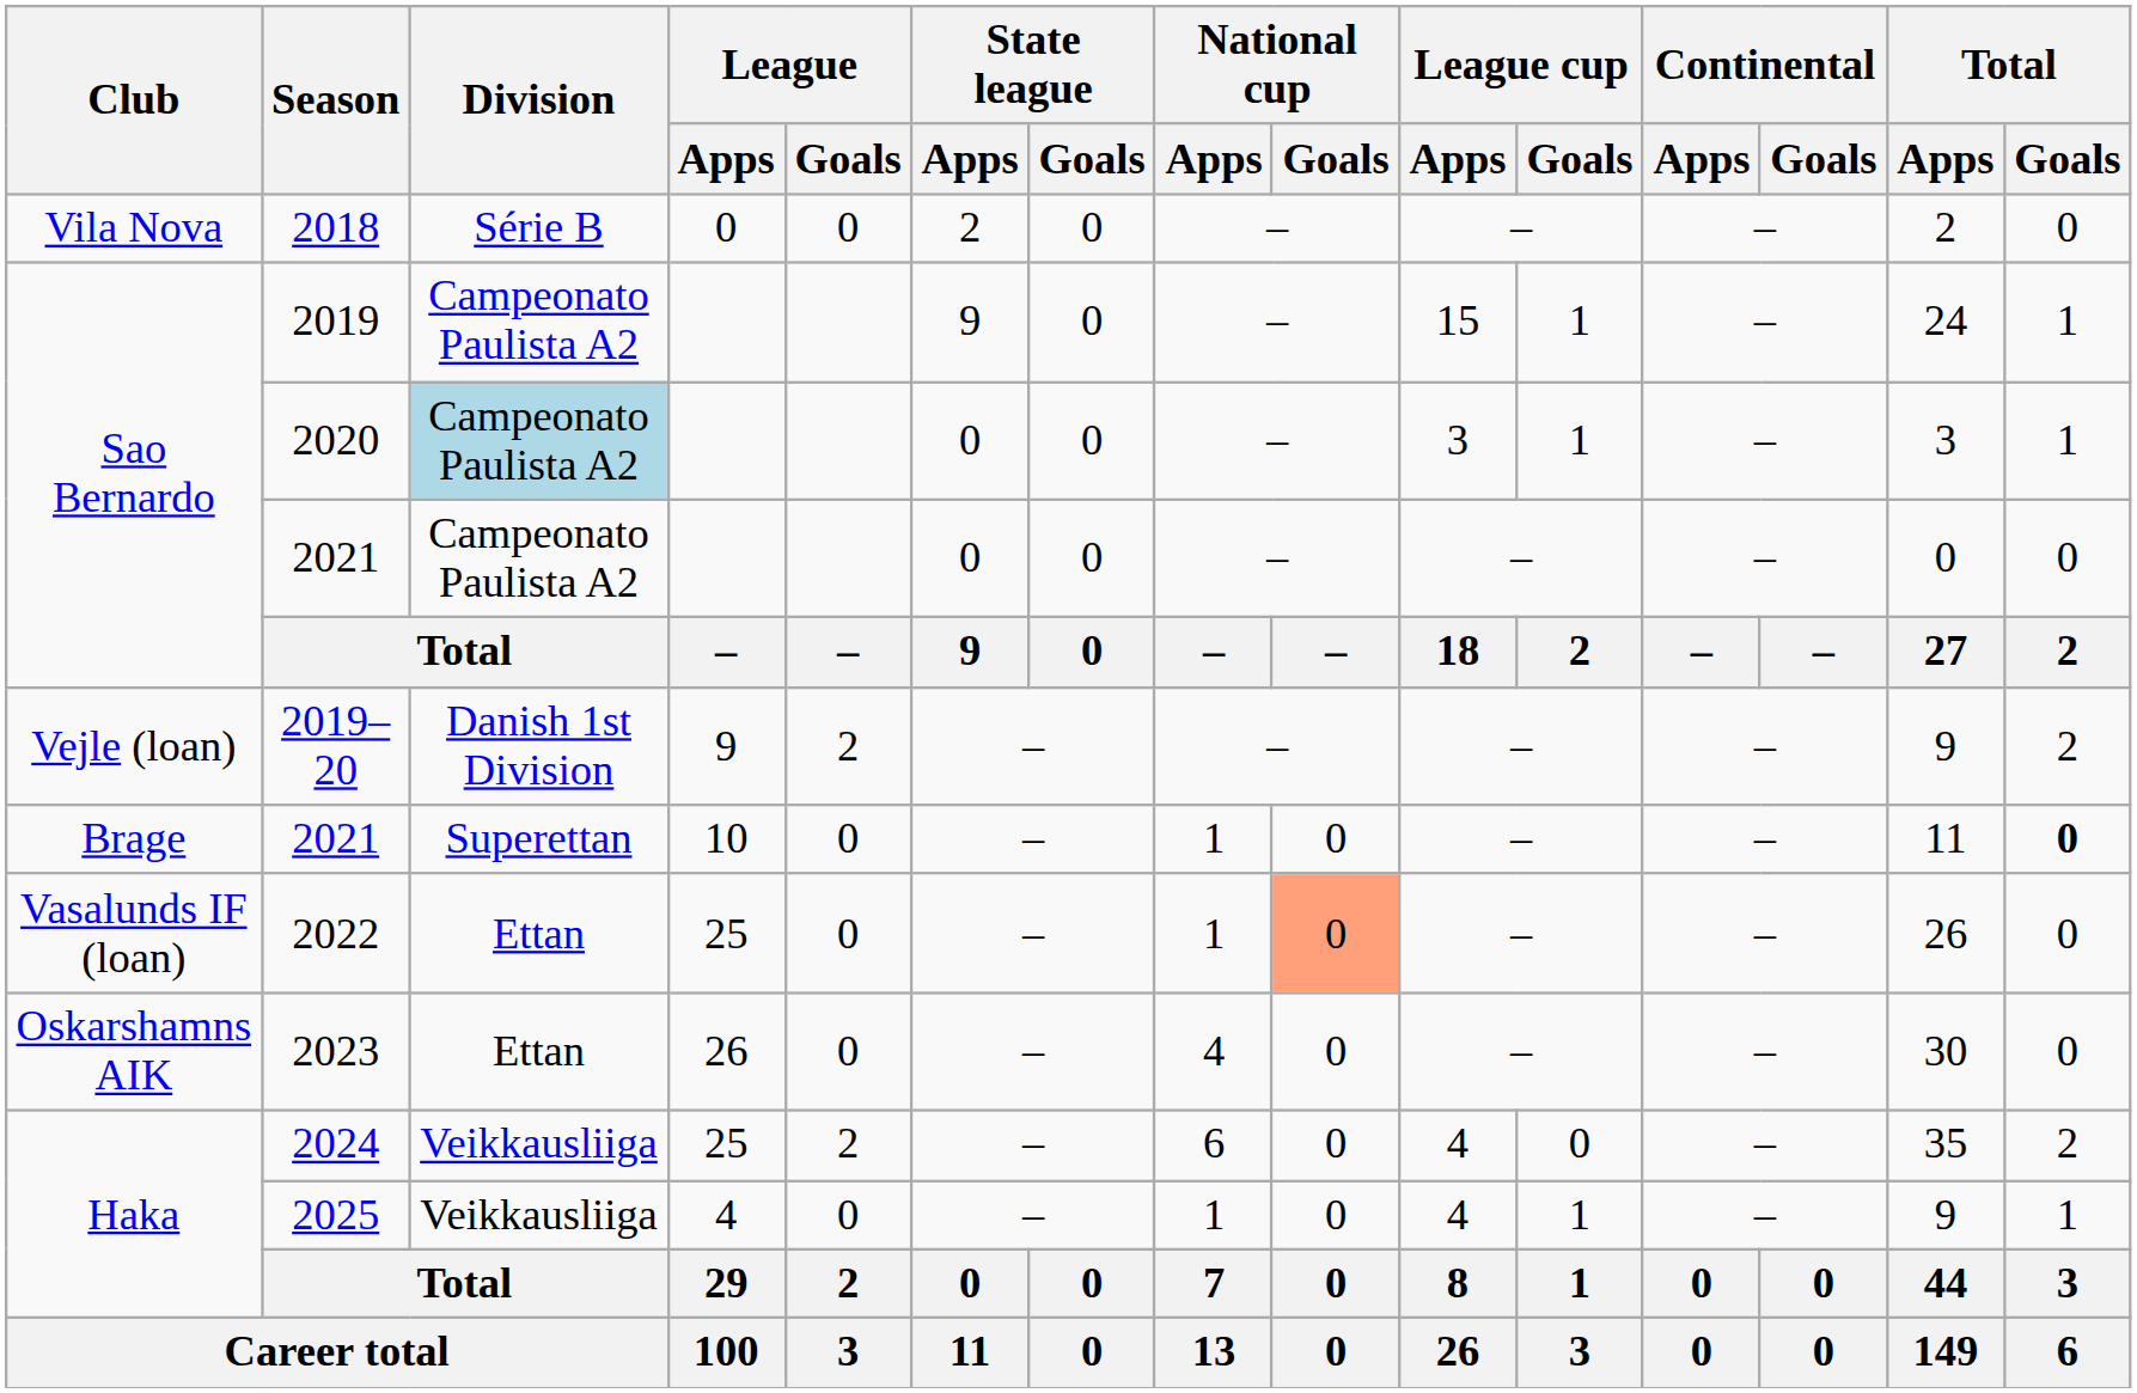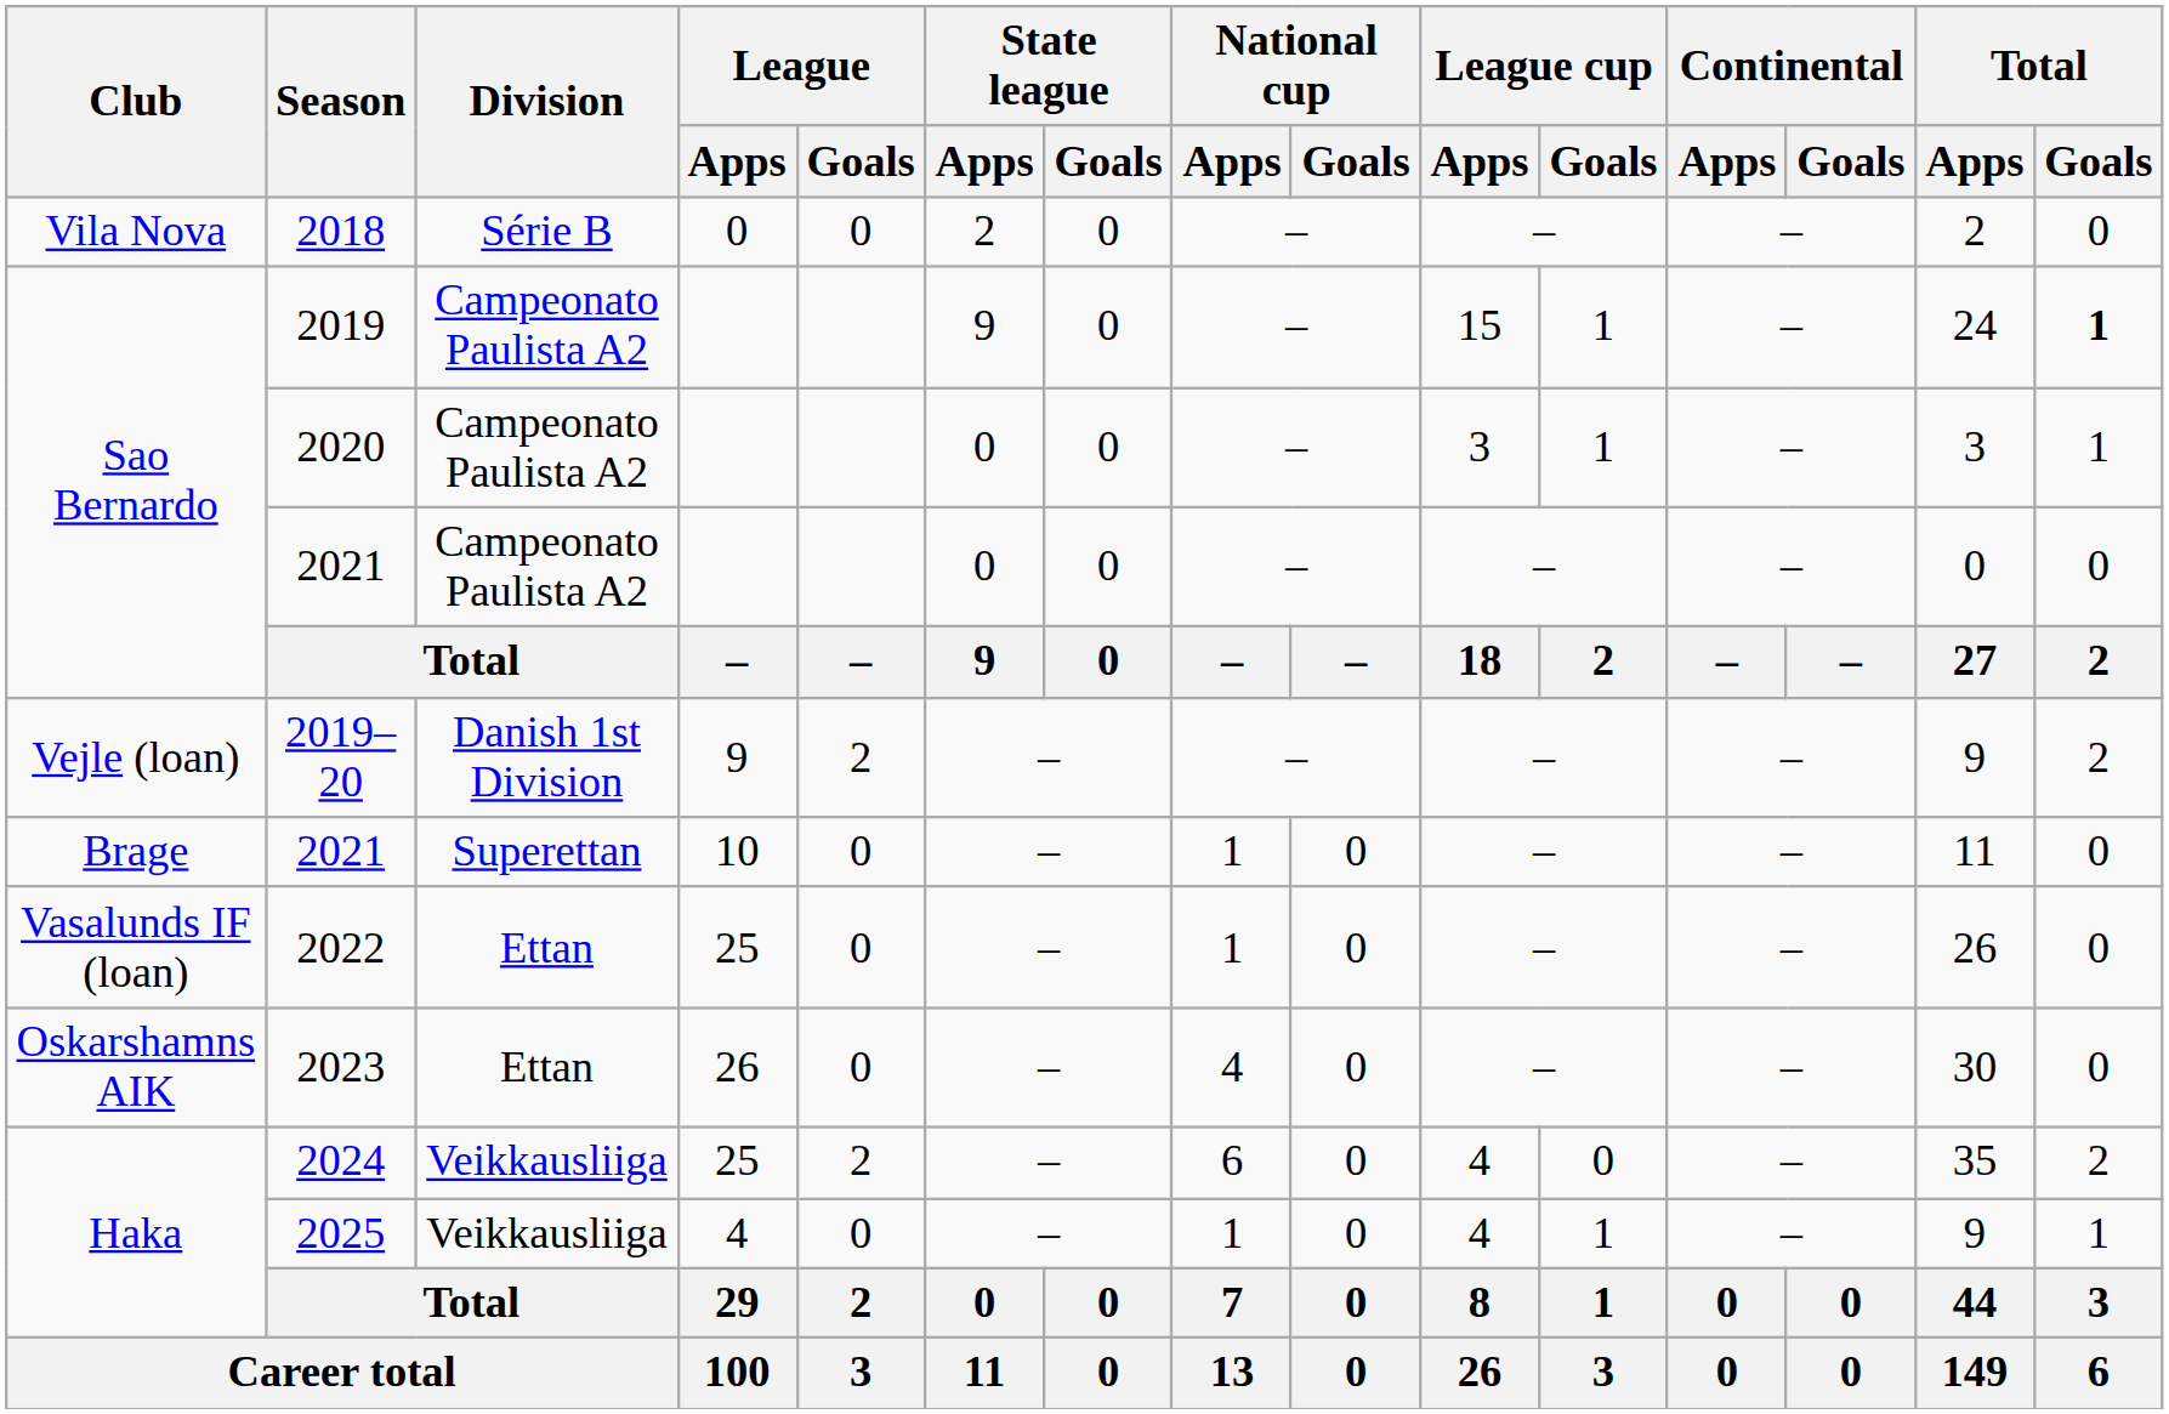 <table class="wikitable" style="text-align:center">
 <tr>
 <th rowspan="2">Club</th>
 <th rowspan="2">Season</th>
 <th rowspan="2">Division</th>
 <th colspan="2">League</th>
 <th colspan="2">State league</th>
 <th colspan="2">National cup</th>
 <th colspan="2">League cup</th>
 <th colspan="2">Continental</th>
 <th colspan="2">Total</th>
 </tr>
 <tr>
 <th>Apps</th>
 <th>Goals</th>
 <th>Apps</th>
 <th>Goals</th>
 <th>Apps</th>
 <th>Goals</th>
 <th>Apps</th>
 <th>Goals</th>
 <th>Apps</th>
 <th>Goals</th>
 <th>Apps</th>
 <th>Goals</th>
 </tr>
 <tr>
 <td><a href='#'>Vila Nova</a></td>
 <td><a href='#'>2018</a></td>
 <td><a href='#'>Série B</a></td>
 <td>0</td>
 <td>0</td>
 <td>2</td>
 <td>0</td>
 <td colspan="2">–</td>
 <td colspan="2">–</td>
 <td colspan="2">–</td>
 <td>2</td>
 <td>0</td>
 </tr>
 <tr>
 <td rowspan="4"><a href='#'>Sao Bernardo</a></td>
 <td>2019</td>
 <td><a href='#'>Campeonato Paulista A2</a></td>
 <td></td>
 <td></td>
 <td>9</td>
 <td>0</td>
 <td colspan="2">–</td>
 <td>15</td>
 <td>1</td>
 <td colspan="2">–</td>
 <td>24</td>
-<td>1</td>
+<td><strong>1</strong></td>
 </tr>
 <tr>
 <td>2020</td>
-<td style="background: lightblue;">Campeonato Paulista A2</td>
+<td>Campeonato Paulista A2</td>
 <td></td>
 <td></td>
 <td>0</td>
 <td>0</td>
 <td colspan="2">–</td>
 <td>3</td>
 <td>1</td>
 <td colspan="2">–</td>
 <td>3</td>
 <td>1</td>
 </tr>
 <tr>
 <td>2021</td>
 <td>Campeonato Paulista A2</td>
 <td></td>
 <td></td>
 <td>0</td>
 <td>0</td>
 <td colspan="2">–</td>
 <td colspan="2">–</td>
 <td colspan="2">–</td>
 <td>0</td>
 <td>0</td>
 </tr>
 <tr>
 <th colspan="2">Total</th>
 <th>–</th>
 <th>–</th>
 <th>9</th>
 <th>0</th>
 <th>–</th>
 <th>–</th>
 <th>18</th>
 <th>2</th>
 <th>–</th>
 <th>–</th>
 <th>27</th>
 <th>2</th>
 </tr>
 <tr>
 <td><a href='#'>Vejle</a> (loan)</td>
 <td><a href='#'>2019–20</a></td>
 <td><a href='#'>Danish 1st Division</a></td>
 <td>9</td>
 <td>2</td>
 <td colspan="2">–</td>
 <td colspan="2">–</td>
 <td colspan="2">–</td>
 <td colspan="2">–</td>
 <td>9</td>
 <td>2</td>
 </tr>
 <tr>
 <td><a href='#'>Brage</a></td>
 <td><a href='#'>2021</a></td>
 <td><a href='#'>Superettan</a></td>
 <td>10</td>
 <td>0</td>
 <td colspan="2">–</td>
 <td>1</td>
 <td>0</td>
 <td colspan="2">–</td>
 <td colspan="2">–</td>
 <td>11</td>
-<td><strong>0</strong></td>
+<td>0</td>
 </tr>
 <tr>
 <td><a href='#'>Vasalunds IF</a> (loan)</td>
 <td>2022</td>
 <td><a href='#'>Ettan</a></td>
 <td>25</td>
 <td>0</td>
 <td colspan="2">–</td>
 <td>1</td>
-<td style="background: lightsalmon;">0</td>
+<td>0</td>
 <td colspan="2">–</td>
 <td colspan="2">–</td>
 <td>26</td>
 <td>0</td>
 </tr>
 <tr>
 <td><a href='#'>Oskarshamns AIK</a></td>
 <td>2023</td>
 <td>Ettan</td>
 <td>26</td>
 <td>0</td>
 <td colspan="2">–</td>
 <td>4</td>
 <td>0</td>
 <td colspan="2">–</td>
 <td colspan="2">–</td>
 <td>30</td>
 <td>0</td>
 </tr>
 <tr>
 <td rowspan=3><a href='#'>Haka</a></td>
 <td><a href='#'>2024</a></td>
 <td><a href='#'>Veikkausliiga</a></td>
 <td>25</td>
 <td>2</td>
 <td colspan="2">–</td>
 <td>6</td>
 <td>0</td>
 <td>4</td>
 <td>0</td>
 <td colspan="2">–</td>
 <td>35</td>
 <td>2</td>
 </tr>
 <tr>
 <td><a href='#'>2025</a></td>
 <td>Veikkausliiga</td>
 <td>4</td>
 <td>0</td>
 <td colspan=2>–</td>
 <td>1</td>
 <td>0</td>
 <td>4</td>
 <td>1</td>
 <td colspan=2>–</td>
 <td>9</td>
 <td>1</td>
 </tr>
 <tr>
 <th colspan=2>Total</th>
 <th>29</th>
 <th>2</th>
 <th>0</th>
 <th>0</th>
 <th>7</th>
 <th>0</th>
 <th>8</th>
 <th>1</th>
 <th>0</th>
 <th>0</th>
 <th>44</th>
 <th>3</th>
 </tr>
 <tr>
 <th colspan="3">Career total</th>
 <th>100</th>
 <th>3</th>
 <th>11</th>
 <th>0</th>
 <th>13</th>
 <th>0</th>
 <th>26</th>
 <th>3</th>
 <th>0</th>
 <th>0</th>
 <th>149</th>
 <th>6</th>
 </tr>
 </table>
